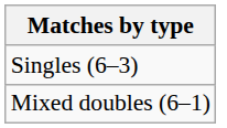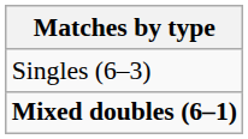 <table class="wikitable" style=font-size:90%>
 <tr>
 <th>Matches by type</th>
 </tr>
 <tr>
 <td>Singles (6–3)</td>
 </tr>
 <tr>
-<td>Mixed doubles (6–1)</td>
+<td><strong>Mixed doubles (6–1)</strong></td>
 </tr>
 </table>
